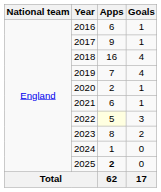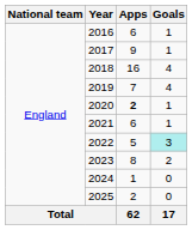 <table class="wikitable" style="text-align: center;">
 <tr>
 <th>National team</th>
 <th>Year</th>
 <th>Apps</th>
 <th>Goals</th>
 </tr>
 <tr>
 <td rowspan="10"><a href='#'>England</a></td>
 <td>2016</td>
 <td>6</td>
 <td>1</td>
 </tr>
 <tr>
 <td>2017</td>
 <td>9</td>
 <td>1</td>
 </tr>
 <tr>
 <td>2018</td>
 <td>16</td>
 <td>4</td>
 </tr>
 <tr>
 <td>2019</td>
 <td>7</td>
 <td>4</td>
 </tr>
 <tr>
 <td>2020</td>
-<td>2</td>
+<td><strong>2</strong></td>
 <td>1</td>
 </tr>
 <tr>
 <td>2021</td>
 <td>6</td>
 <td>1</td>
 </tr>
 <tr>
 <td>2022</td>
-<td style="background: lightyellow;">5</td>
-<td>3</td>
+<td>5</td>
+<td style="background: paleturquoise;">3</td>
 </tr>
 <tr>
 <td>2023</td>
 <td>8</td>
 <td>2</td>
 </tr>
 <tr>
 <td>2024</td>
 <td>1</td>
 <td>0</td>
 </tr>
 <tr>
 <td>2025</td>
-<td><strong>2</strong></td>
+<td>2</td>
 <td>0</td>
 </tr>
 <tr>
 <th colspan="2">Total</th>
 <th>62</th>
 <th>17</th>
 </tr>
 </table>
